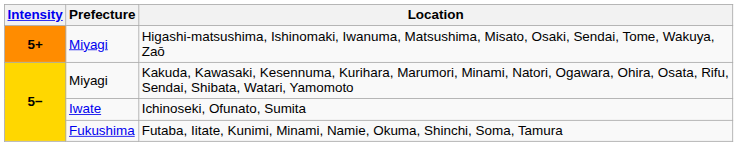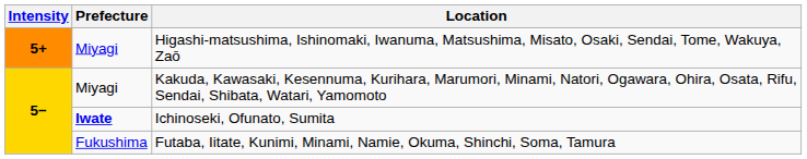 <table class="wikitable mw-collapsible">
 <tr>
 <th><a href='#'>Intensity</a></th>
 <th>Prefecture</th>
 <th>Location</th>
 </tr>
 <tr>
 <th style="background:#FF8C00">5+</th>
 <td><a href='#'>Miyagi</a></td>
 <td>Higashi-matsushima, Ishinomaki, Iwanuma, Matsushima, Misato, Osaki, Sendai, Tome, Wakuya, Zaō</td>
 </tr>
 <tr>
 <th rowspan="3" style="background:#FFD700; color:#000000">5−</th>
 <td>Miyagi</td>
 <td>Kakuda, Kawasaki, Kesennuma, Kurihara, Marumori, Minami, Natori, Ogawara, Ohira, Osata, Rifu, Sendai, Shibata, Watari, Yamomoto</td>
 </tr>
 <tr>
-<td><a href='#'>Iwate</a></td>
+<td><strong><a href='#'>Iwate</a></strong></td>
 <td>Ichinoseki, Ofunato, Sumita</td>
 </tr>
 <tr>
 <td><a href='#'>Fukushima</a></td>
 <td>Futaba, Iitate, Kunimi, Minami, Namie, Okuma, Shinchi, Soma, Tamura</td>
 </tr>
 </table>
